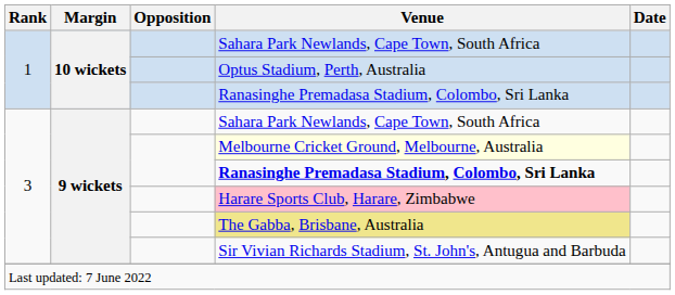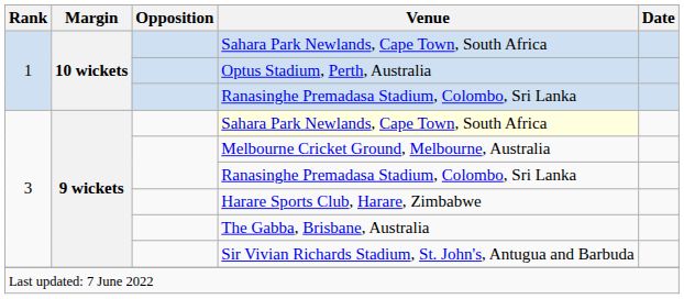 <table class="wikitable plainrowheaders sortable">
 <tr>
 <th scope=col>Rank</th>
 <th scope=col>Margin</th>
 <th scope=col>Opposition</th>
 <th scope=col>Venue</th>
 <th scope=col>Date</th>
 </tr>
 <tr bgcolor=#cee0f2>
 <td align=center rowspan=3>1</td>
 <th scope=row style=text-align:center rowspan=3>10 wickets</th>
 <td></td>
 <td><a href='#'>Sahara Park Newlands</a>, <a href='#'>Cape Town</a>, South Africa</td>
 <td> </td>
 </tr>
 <tr bgcolor=#cee0f2>
 <td></td>
 <td><a href='#'>Optus Stadium</a>, <a href='#'>Perth</a>, Australia</td>
 <td></td>
 </tr>
 <tr bgcolor=#cee0f2>
 <td></td>
 <td><a href='#'>Ranasinghe Premadasa Stadium</a>, <a href='#'>Colombo</a>, Sri Lanka</td>
 <td></td>
 </tr>
 <tr>
 <td align=center rowspan=6>3</td>
 <th scope=row style=text-align:center rowspan=6>9 wickets</th>
 <td></td>
-<td><a href='#'>Sahara Park Newlands</a>, <a href='#'>Cape Town</a>, South Africa</td>
+<td style="background: lightyellow;"><a href='#'>Sahara Park Newlands</a>, <a href='#'>Cape Town</a>, South Africa</td>
 <td> </td>
 </tr>
 <tr>
 <td rowspan=2></td>
-<td style="background: lightyellow;"><a href='#'>Melbourne Cricket Ground</a>, <a href='#'>Melbourne</a>, Australia</td>
+<td><a href='#'>Melbourne Cricket Ground</a>, <a href='#'>Melbourne</a>, Australia</td>
 <td></td>
 </tr>
 <tr>
-<td><strong><a href='#'>Ranasinghe Premadasa Stadium</a>, <a href='#'>Colombo</a>, Sri Lanka</strong></td>
+<td><a href='#'>Ranasinghe Premadasa Stadium</a>, <a href='#'>Colombo</a>, Sri Lanka</td>
 <td> </td>
 </tr>
 <tr>
 <td></td>
-<td style="background: pink;"><a href='#'>Harare Sports Club</a>, <a href='#'>Harare</a>, Zimbabwe</td>
+<td><a href='#'>Harare Sports Club</a>, <a href='#'>Harare</a>, Zimbabwe</td>
 <td></td>
 </tr>
 <tr>
 <td></td>
-<td style="background: khaki;"><a href='#'>The Gabba</a>, <a href='#'>Brisbane</a>, Australia</td>
+<td><a href='#'>The Gabba</a>, <a href='#'>Brisbane</a>, Australia</td>
 <td></td>
 </tr>
 <tr>
 <td></td>
 <td><a href='#'>Sir Vivian Richards Stadium</a>, <a href='#'>St. John's</a>, Antugua and Barbuda</td>
 <td> </td>
 </tr>
 <tr>
 </tr>
 <tr class=sortbottom>
 <td colspan=5><small>Last updated: 7 June 2022</small></td>
 </tr>
 </table>
